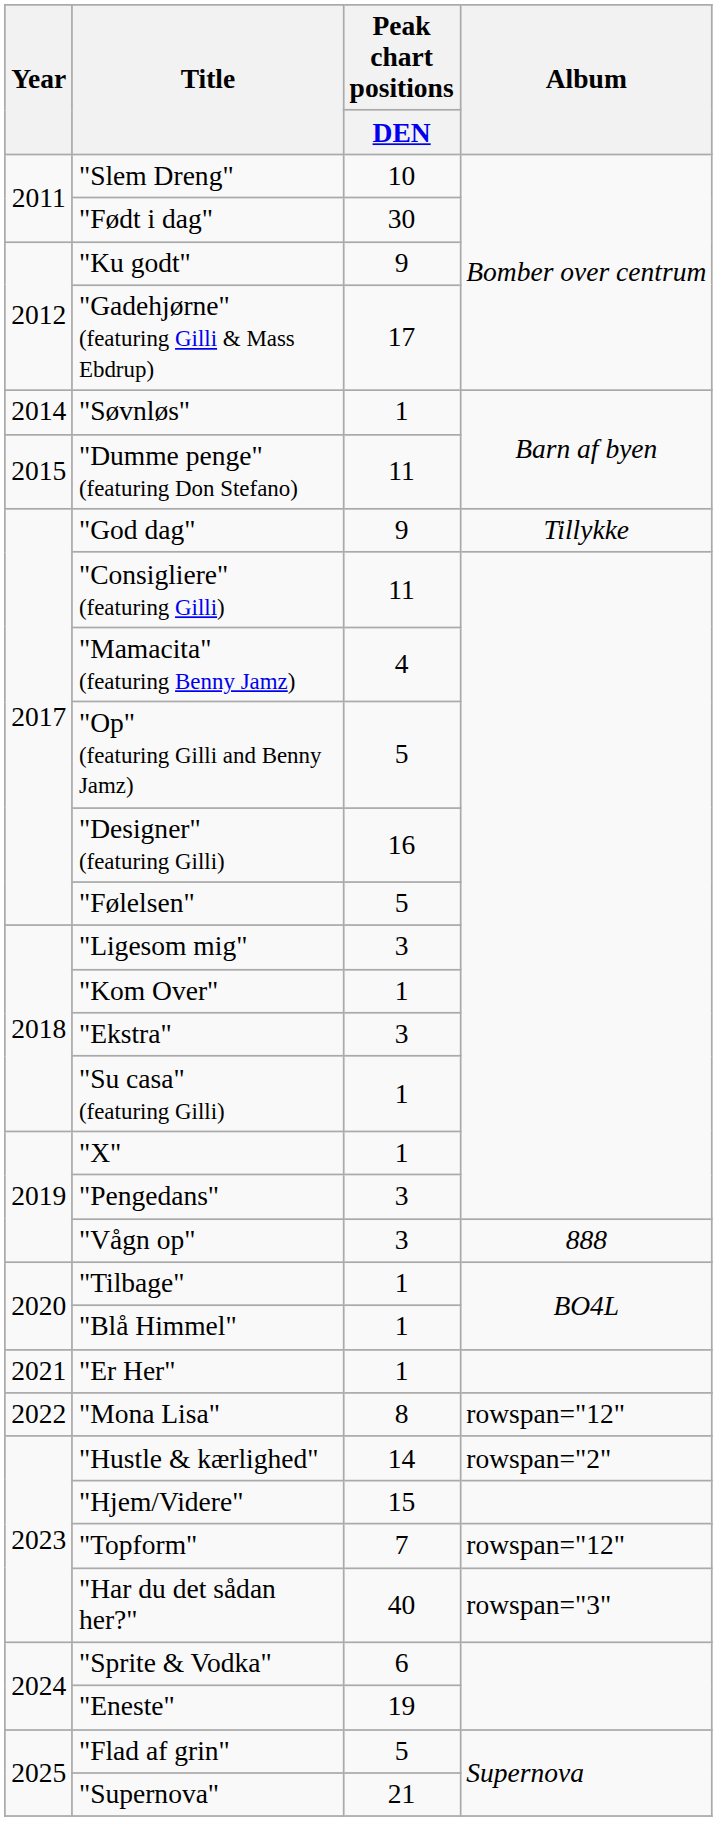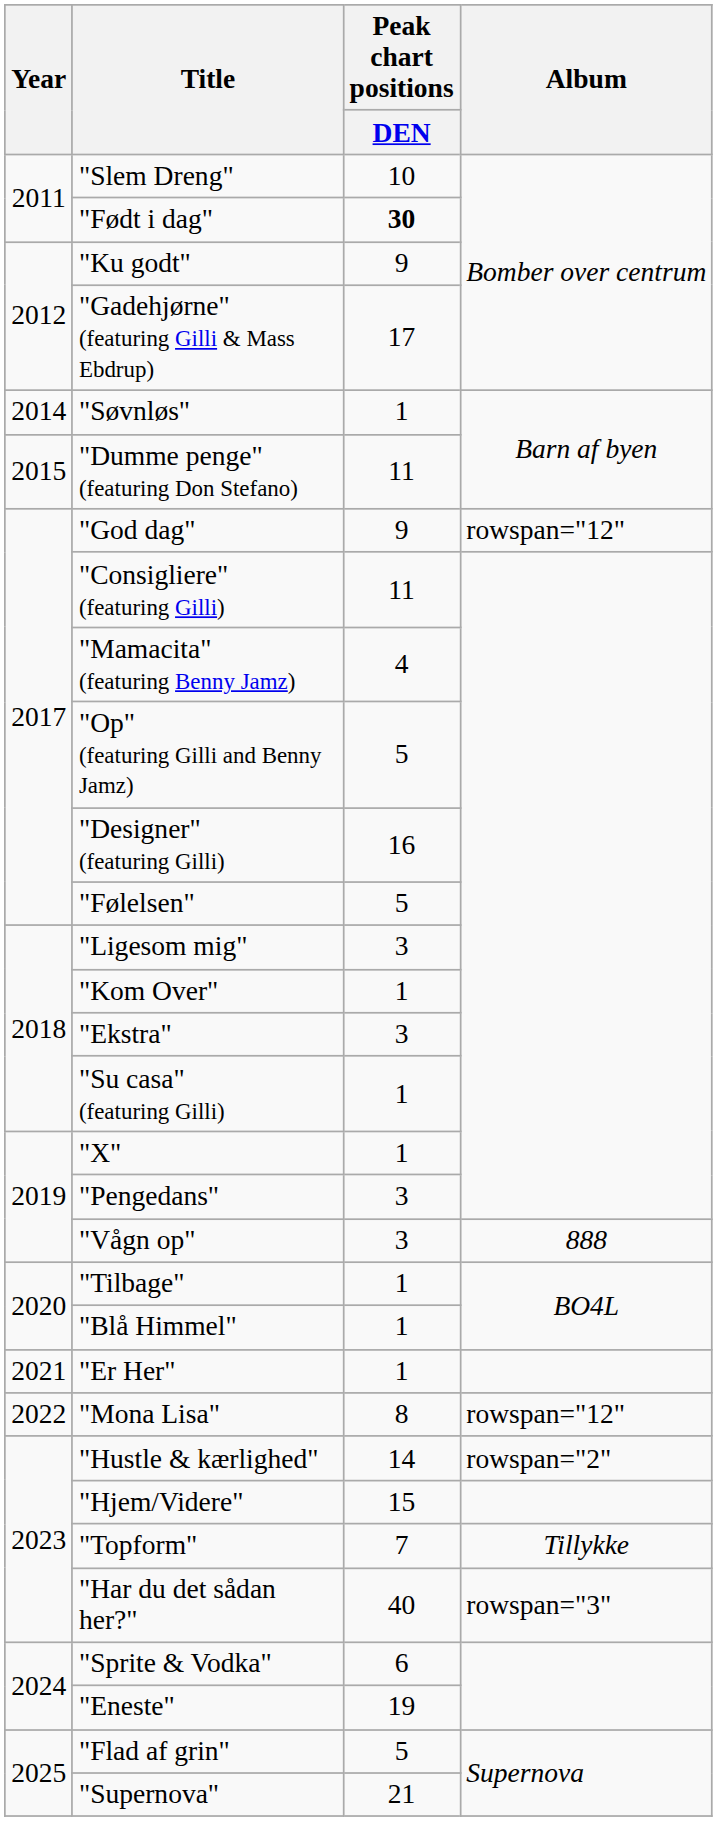 <table class="wikitable">
 <tr>
 <th rowspan="2" align="center">Year</th>
 <th rowspan="2" width="150" align="center">Title</th>
 <th colspan="1" align="center">Peak chart positions</th>
 <th rowspan="2" align="center">Album</th>
 </tr>
 <tr>
 <th style="width:3em;font-size:100%"><a href='#'>DEN</a><br></th>
 </tr>
 <tr>
 <td rowspan="2" align="center">2011</td>
 <td>"Slem Dreng"</td>
 <td align="center">10</td>
 <td rowspan=4 align="center"><em>Bomber over centrum</em></td>
 </tr>
 <tr>
 <td>"Født i dag"</td>
-<td align="center">30</td>
+<td align="center"><strong>30</strong></td>
 </tr>
 <tr>
 <td rowspan="2" align="center">2012</td>
 <td>"Ku godt"</td>
 <td align="center">9</td>
 </tr>
 <tr>
 <td>"Gadehjørne"<br><small>(featuring <a href='#'>Gilli</a> & Mass Ebdrup)</small></td>
 <td align="center">17</td>
 </tr>
 <tr>
 <td align="center">2014</td>
 <td>"Søvnløs"</td>
 <td align="center">1</td>
 <td align="center" rowspan=2><em>Barn af byen</em></td>
 </tr>
 <tr>
 <td align="center">2015</td>
 <td>"Dumme penge" <br><small>(featuring Don Stefano)</small></td>
 <td align="center">11</td>
 </tr>
 <tr>
 <td rowspan="6" align="center">2017</td>
 <td>"God dag"</td>
 <td align="center">9</td>
-<td align="center"><em>Tillykke</em></td>
+<td>rowspan="12" </td>
 </tr>
 <tr>
 <td>"Consigliere" <br><small>(featuring <a href='#'>Gilli</a>)</small></td>
 <td align="center">11</td>
 </tr>
 <tr>
 <td>"Mamacita" <br><small>(featuring <a href='#'>Benny Jamz</a>)</small></td>
 <td align="center">4</td>
 </tr>
 <tr>
 <td>"Op" <br><small>(featuring Gilli and Benny Jamz)</small></td>
 <td align="center">5</td>
 </tr>
 <tr>
 <td>"Designer" <br><small>(featuring Gilli)</small></td>
 <td align="center">16</td>
 </tr>
 <tr>
 <td>"Følelsen"</td>
 <td align="center">5</td>
 </tr>
 <tr>
 <td align="center" rowspan="4">2018</td>
 <td>"Ligesom mig"</td>
 <td align="center">3</td>
 </tr>
 <tr>
 <td>"Kom Over"</td>
 <td align="center">1</td>
 </tr>
 <tr>
 <td>"Ekstra"</td>
 <td align="center">3</td>
 </tr>
 <tr>
 <td>"Su casa" <br><small>(featuring Gilli)</small></td>
 <td align="center">1</td>
 </tr>
 <tr>
 <td align="center" rowspan="3">2019</td>
 <td>"X"</td>
 <td align="center">1</td>
 </tr>
 <tr>
 <td>"Pengedans"</td>
 <td align="center">3</td>
 </tr>
 <tr>
 <td>"Vågn op"<br></td>
 <td align="center">3</td>
 <td align="center"><em>888</em></td>
 </tr>
 <tr>
 <td align="center" rowspan="2">2020</td>
 <td>"Tilbage"<br></td>
 <td align="center">1</td>
 <td rowspan="2" align="center"><em>BO4L</em></td>
 </tr>
 <tr>
 <td>"Blå Himmel"<br></td>
 <td align="center">1</td>
 </tr>
 <tr>
 <td align="center">2021</td>
 <td>"Er Her"<br></td>
 <td align="center">1</td>
 <td></td>
 </tr>
 <tr>
 <td align="center">2022</td>
 <td>"Mona Lisa"<br></td>
 <td align="center">8</td>
 <td>rowspan="12" </td>
 </tr>
 <tr>
 <td align="center" rowspan="4">2023</td>
 <td>"Hustle & kærlighed"<br></td>
 <td align="center">14<br></td>
 <td>rowspan="2" </td>
 </tr>
 <tr>
 <td>"Hjem/Videre"</td>
 <td align="center">15<br></td>
 </tr>
 <tr>
 <td>"Topform"</td>
 <td align="center">7<br></td>
-<td>rowspan="12" </td>
+<td align="center"><em>Tillykke</em></td>
 </tr>
 <tr>
 <td>"Har du det sådan her?"<br></td>
 <td align="center">40<br></td>
 <td>rowspan="3" </td>
 </tr>
 <tr>
 <td align="center" rowspan="2">2024</td>
 <td>"Sprite & Vodka"<br></td>
 <td align="center">6<br></td>
 </tr>
 <tr>
 <td>"Eneste"<br></td>
 <td align="center">19<br></td>
 </tr>
 <tr>
 <td align="center" rowspan="2">2025</td>
 <td>"Flad af grin"<br></td>
 <td align="center">5<br></td>
 <td rowspan="2"><em>Supernova</em></td>
 </tr>
 <tr>
 <td>"Supernova"<br></td>
 <td align="center">21<br></td>
 </tr>
 </table>
